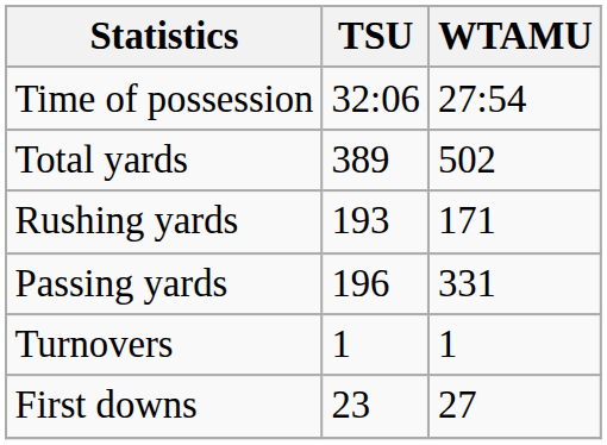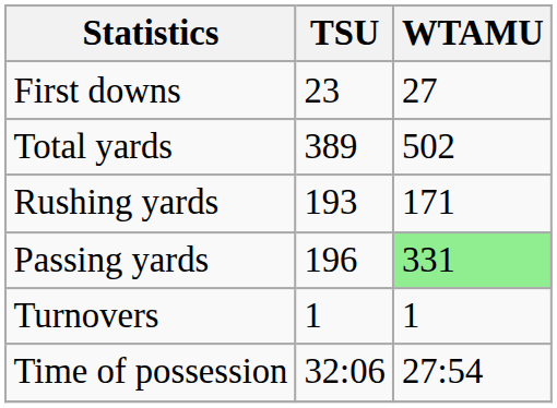 <table class="wikitable">
 <tr>
 <th>Statistics</th>
 <th>TSU</th>
 <th>WTAMU</th>
 </tr>
 <tr>
-<td>Time of possession</td>
-<td>32:06</td>
-<td>27:54</td>
+<td>First downs</td>
+<td>23</td>
+<td>27</td>
 </tr>
 <tr>
 <td>Total yards</td>
 <td>389</td>
 <td>502</td>
 </tr>
 <tr>
 <td>Rushing yards</td>
 <td>193</td>
 <td>171</td>
 </tr>
 <tr>
 <td>Passing yards</td>
 <td>196</td>
-<td>331</td>
+<td style="background: lightgreen;">331</td>
 </tr>
 <tr>
 <td>Turnovers</td>
 <td>1</td>
 <td>1</td>
 </tr>
 <tr>
-<td>First downs</td>
-<td>23</td>
-<td>27</td>
+<td>Time of possession</td>
+<td>32:06</td>
+<td>27:54</td>
 </tr>
 <tr>
 </tr>
 </table>
